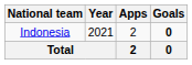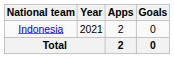 <table class=wikitable style=text-align:center>
 <tr>
 <th>National team</th>
 <th>Year</th>
 <th>Apps</th>
 <th>Goals</th>
 </tr>
 <tr>
 <td><a href='#'>Indonesia</a></td>
 <td>2021</td>
 <td>2</td>
-<td><strong>0</strong></td>
+<td>0</td>
 </tr>
 <tr>
 <th colspan="2">Total</th>
 <th>2</th>
 <th>0</th>
 </tr>
 </table>
